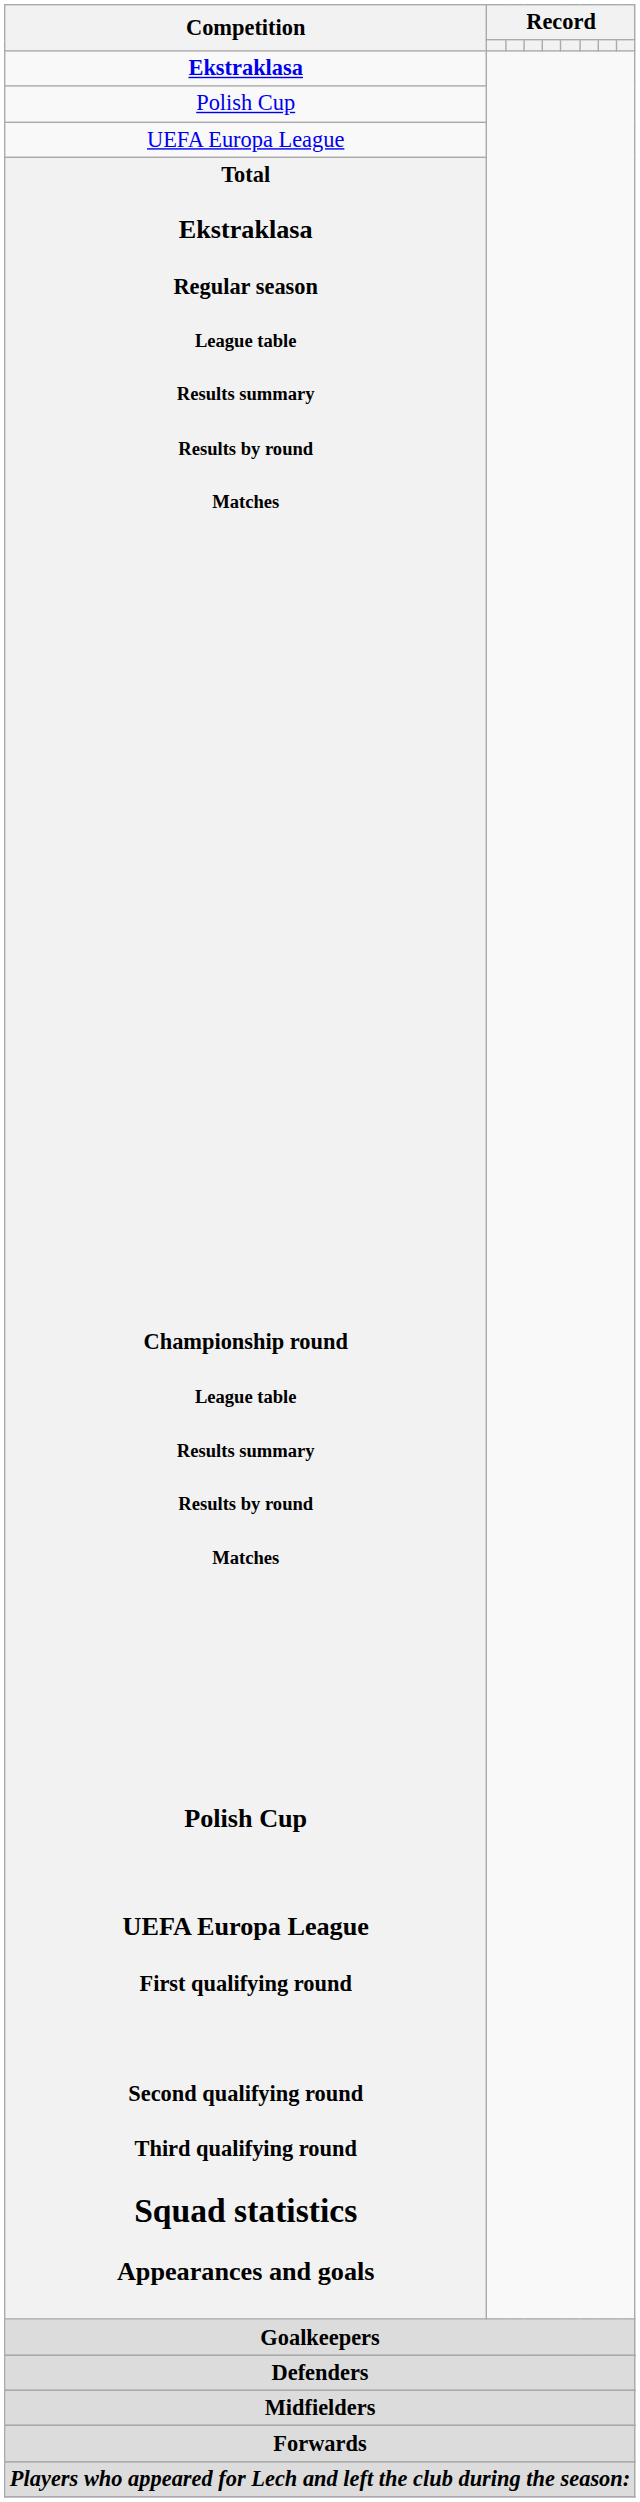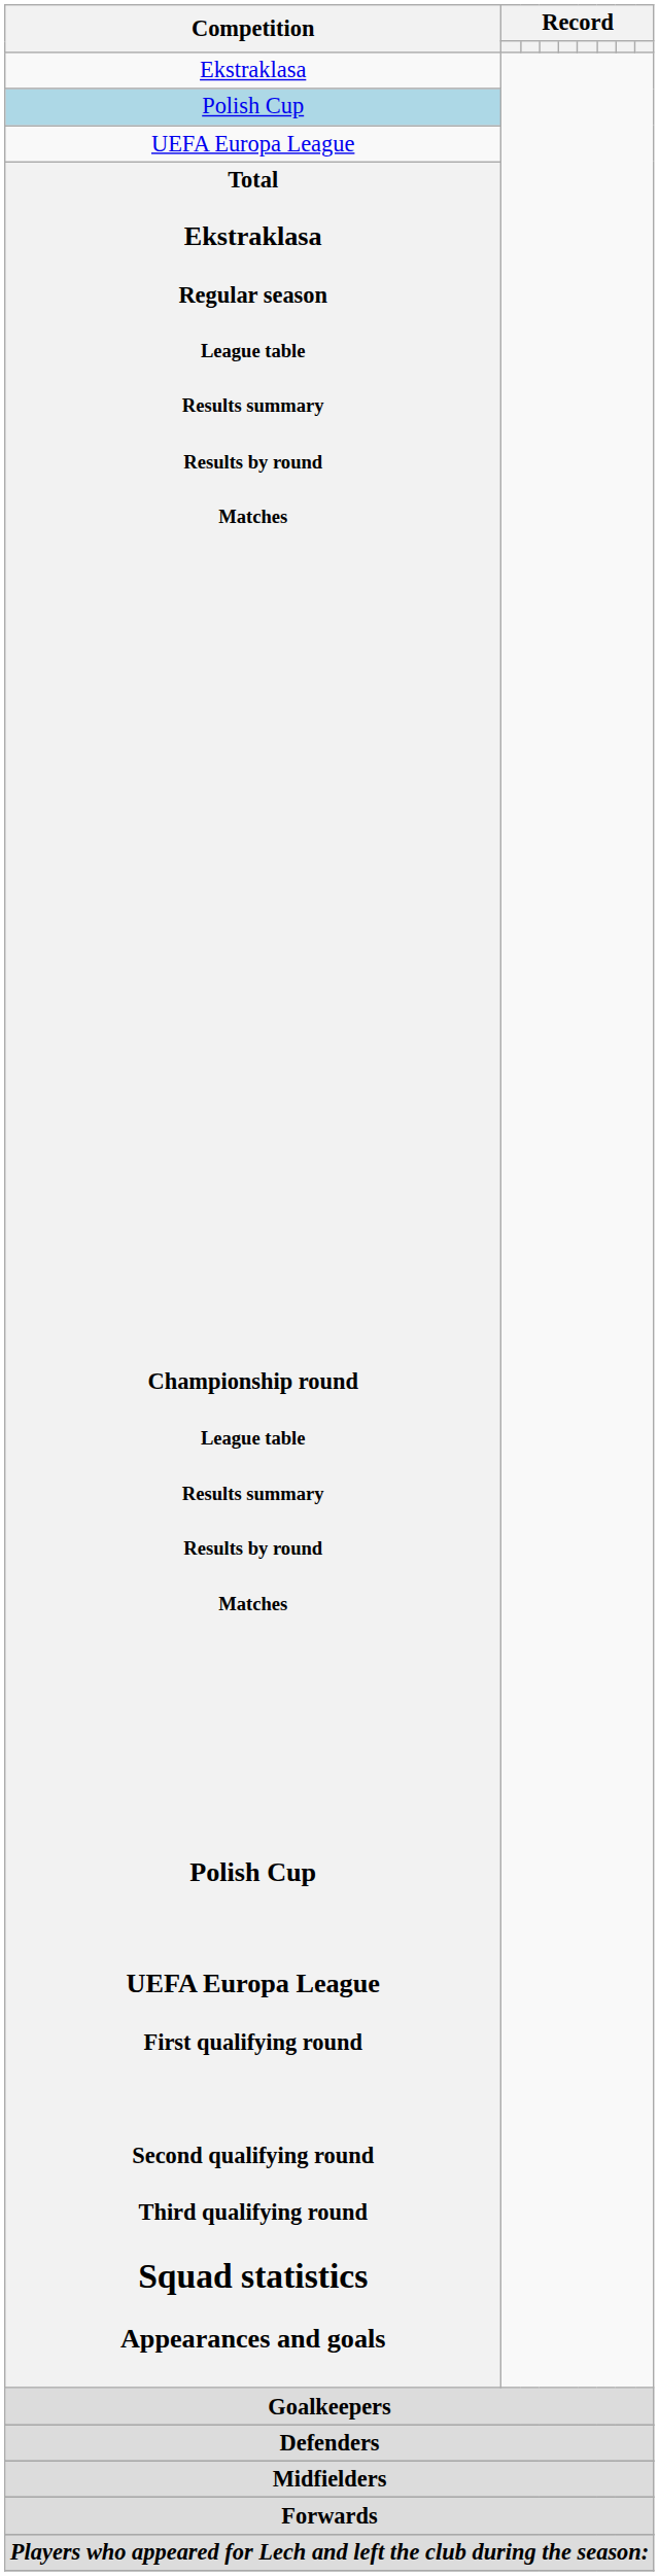 <table class="wikitable" style="text-align: center">
 <tr>
 <th rowspan=2>Competition</th>
 <th colspan=8>Record</th>
 </tr>
 <tr>
 <th></th>
 <th></th>
 <th></th>
 <th></th>
 <th></th>
 <th></th>
 <th></th>
 <th></th>
 </tr>
 <tr>
-<td><strong><a href='#'>Ekstraklasa</a><br></strong></td>
+<td><a href='#'>Ekstraklasa</a><br></td>
 </tr>
 <tr>
-<td><a href='#'>Polish Cup</a><br></td>
+<td style="background: lightblue;"><a href='#'>Polish Cup</a><br></td>
 </tr>
 <tr>
 <td><a href='#'>UEFA Europa League</a><br></td>
 </tr>
 <tr>
 <th>Total<br> <h3>Ekstraklasa</h3><h4>Regular season</h4><h5>League table</h5><h5>Results summary</h5> <h5>Results by round</h5><h5>Matches</h5>  <br><br><br><br><br><br><br><br><br><br><br><br><br><br><br><br><br><br><br><br><br><br><br><br><br><br><br><br><br><br><h4>Championship round</h4><h5>League table</h5><h5>Results summary</h5> <h5>Results by round</h5><h5>Matches</h5>  <br><br><br><br><br><br><br><h3>Polish Cup</h3> <br><h3>UEFA Europa League</h3><h4>First qualifying round</h4> <br><h4>Second qualifying round</h4>  <h4>Third qualifying round</h4>  <h2>Squad statistics</h2><h3>Appearances and goals</h3></th>
 </tr>
 <tr>
 <th colspan=14 style=background:#dcdcdc; text-align:center>Goalkeepers</th>
 </tr>
 <tr>
 </tr>
 <tr>
 <th colspan=14 style=background:#dcdcdc; text-align:center>Defenders</th>
 </tr>
 <tr>
 </tr>
 <tr>
 <th colspan=14 style=background:#dcdcdc; text-align:center>Midfielders</th>
 </tr>
 <tr>
 </tr>
 <tr>
 <th colspan=14 style=background:#dcdcdc; text-align:center>Forwards</th>
 </tr>
 <tr>
 </tr>
 <tr>
 <th colspan="12" style=background:#dcdcdc; text-align:center><em>Players who appeared for Lech and left the club during the season:</em></th>
 </tr>
 <tr>
 </tr>
 <tr>
 </tr>
 </table>
